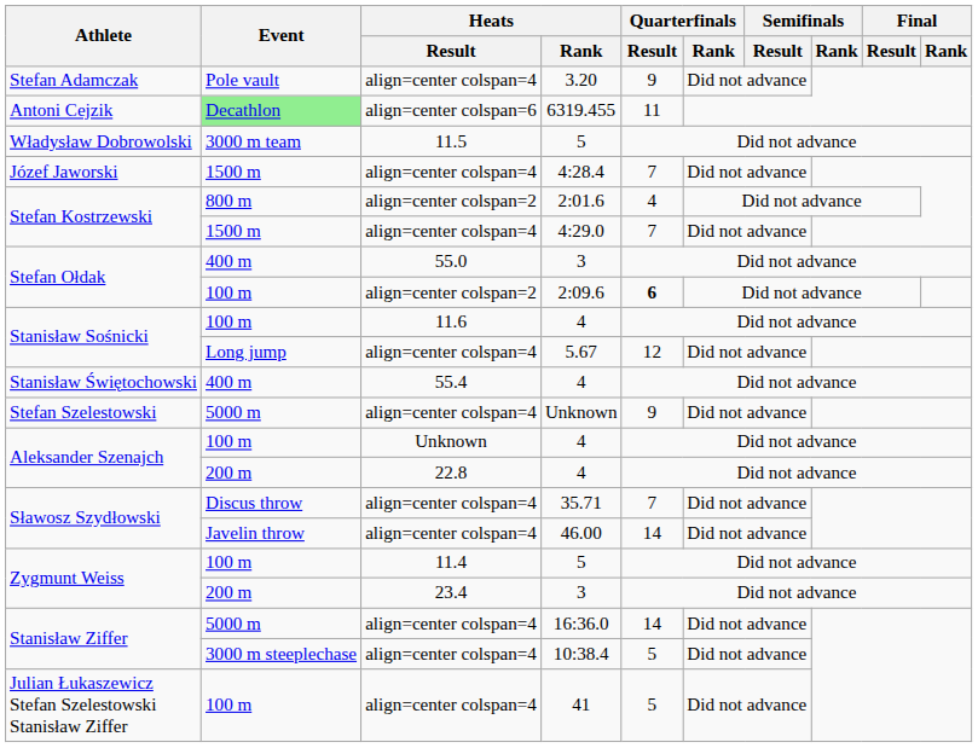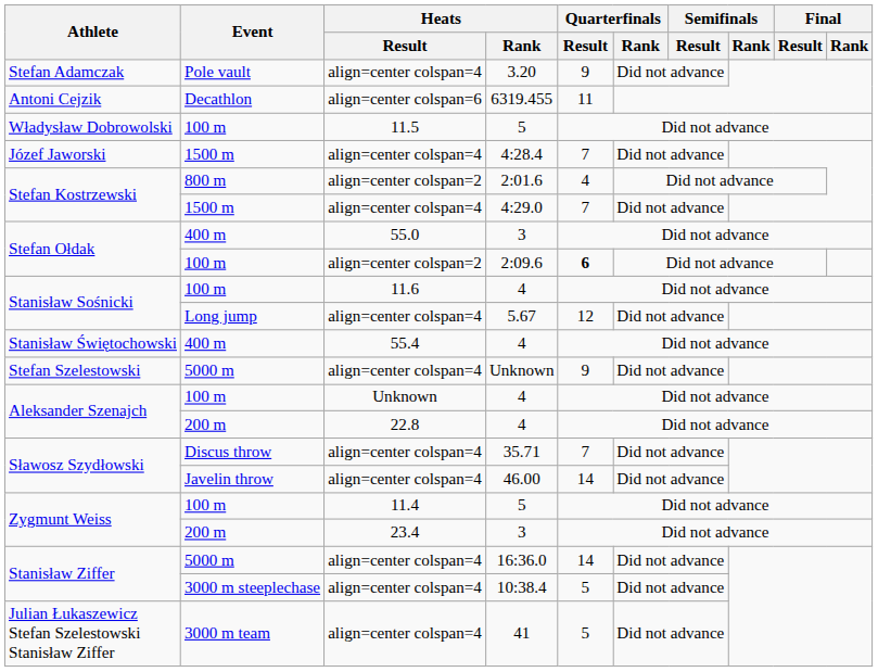 <table class=wikitable style="font-size:90%">
 <tr>
 <th rowspan=2>Athlete</th>
 <th rowspan=2>Event</th>
 <th colspan=2>Heats</th>
 <th colspan=2>Quarterfinals</th>
 <th colspan=2>Semifinals</th>
 <th colspan=2>Final</th>
 </tr>
 <tr>
 <th>Result</th>
 <th>Rank</th>
 <th>Result</th>
 <th>Rank</th>
 <th>Result</th>
 <th>Rank</th>
 <th>Result</th>
 <th>Rank</th>
 </tr>
 <tr>
 <td><a href='#'>Stefan Adamczak</a></td>
 <td><a href='#'>Pole vault</a></td>
 <td>align=center colspan=4 </td>
 <td align=center>3.20</td>
 <td align=center>9</td>
 <td align=center colspan=2>Did not advance</td>
 </tr>
 <tr>
 <td><a href='#'>Antoni Cejzik</a></td>
-<td style="background: lightgreen;"><a href='#'>Decathlon</a></td>
+<td><a href='#'>Decathlon</a></td>
 <td>align=center colspan=6 </td>
 <td align=center>6319.455</td>
 <td align=center>11</td>
 </tr>
 <tr>
 <td><a href='#'>Władysław Dobrowolski</a></td>
-<td><a href='#'>3000 m team</a></td>
+<td><a href='#'>100 m</a></td>
 <td align=center>11.5</td>
 <td align=center>5</td>
 <td align=center colspan=6>Did not advance</td>
 </tr>
 <tr>
 <td><a href='#'>Józef Jaworski</a></td>
 <td><a href='#'>1500 m</a></td>
 <td>align=center colspan=4 </td>
 <td align=center>4:28.4</td>
 <td align=center>7</td>
 <td align=center colspan=2>Did not advance</td>
 </tr>
 <tr>
 <td rowspan=2><a href='#'>Stefan Kostrzewski</a></td>
 <td><a href='#'>800 m</a></td>
 <td>align=center colspan=2 </td>
 <td align=center>2:01.6</td>
 <td align=center>4</td>
 <td align=center colspan=4>Did not advance</td>
 </tr>
 <tr>
 <td><a href='#'>1500 m</a></td>
 <td>align=center colspan=4 </td>
 <td align=center>4:29.0</td>
 <td align=center>7</td>
 <td align=center colspan=2>Did not advance</td>
 </tr>
 <tr>
 <td rowspan=2><a href='#'>Stefan Ołdak</a></td>
 <td><a href='#'>400 m</a></td>
 <td align=center>55.0</td>
 <td align=center>3</td>
 <td align=center colspan=6>Did not advance</td>
 </tr>
 <tr>
 <td><a href='#'>100 m</a></td>
 <td>align=center colspan=2  </td>
 <td align=center>2:09.6</td>
 <td align=center><strong>6</strong></td>
 <td align=center colspan=4>Did not advance</td>
 </tr>
 <tr>
 <td rowspan=2><a href='#'>Stanisław Sośnicki</a></td>
 <td><a href='#'>100 m</a></td>
 <td align=center>11.6</td>
 <td align=center>4</td>
 <td align=center colspan=6>Did not advance</td>
 </tr>
 <tr>
 <td><a href='#'>Long jump</a></td>
 <td>align=center colspan=4  </td>
 <td align=center>5.67</td>
 <td align=center>12</td>
 <td align=center colspan=2>Did not advance</td>
 </tr>
 <tr>
 <td><a href='#'>Stanisław Świętochowski</a></td>
 <td><a href='#'>400 m</a></td>
 <td align=center>55.4</td>
 <td align=center>4</td>
 <td align=center colspan=6>Did not advance</td>
 </tr>
 <tr>
 <td><a href='#'>Stefan Szelestowski</a></td>
 <td><a href='#'>5000 m</a></td>
 <td>align=center colspan=4  </td>
 <td align=center>Unknown</td>
 <td align=center>9</td>
 <td align=center colspan=2>Did not advance</td>
 </tr>
 <tr>
 <td rowspan=2><a href='#'>Aleksander Szenajch</a></td>
 <td><a href='#'>100 m</a></td>
 <td align=center>Unknown</td>
 <td align=center>4</td>
 <td align=center colspan=6>Did not advance</td>
 </tr>
 <tr>
 <td><a href='#'>200 m</a></td>
 <td align=center>22.8</td>
 <td align=center>4</td>
 <td align=center colspan=6>Did not advance</td>
 </tr>
 <tr>
 <td rowspan=2><a href='#'>Sławosz Szydłowski</a></td>
 <td><a href='#'>Discus throw</a></td>
 <td>align=center colspan=4 </td>
 <td align=center>35.71</td>
 <td align=center>7</td>
 <td align=center colspan=2>Did not advance</td>
 </tr>
 <tr>
 <td><a href='#'>Javelin throw</a></td>
 <td>align=center colspan=4 </td>
 <td align=center>46.00</td>
 <td align=center>14</td>
 <td align=center colspan=2>Did not advance</td>
 </tr>
 <tr>
 <td rowspan=2><a href='#'>Zygmunt Weiss</a></td>
 <td><a href='#'>100 m</a></td>
 <td align=center>11.4</td>
 <td align=center>5</td>
 <td align=center colspan=6>Did not advance</td>
 </tr>
 <tr>
 <td><a href='#'>200 m</a></td>
 <td align=center>23.4</td>
 <td align=center>3</td>
 <td align=center colspan=6>Did not advance</td>
 </tr>
 <tr>
 <td rowspan=2><a href='#'>Stanisław Ziffer</a></td>
 <td><a href='#'>5000 m</a></td>
 <td>align=center colspan=4 </td>
 <td align=center>16:36.0</td>
 <td align=center>14</td>
 <td align=center colspan=2>Did not advance</td>
 </tr>
 <tr>
 <td><a href='#'>3000 m steeplechase</a></td>
 <td>align=center colspan=4 </td>
 <td align=center>10:38.4</td>
 <td align=center>5</td>
 <td align=center colspan=2>Did not advance</td>
 </tr>
 <tr>
 <td><a href='#'>Julian Łukaszewicz</a> <br> Stefan Szelestowski <br> Stanisław Ziffer</td>
-<td><a href='#'>100 m</a></td>
+<td><a href='#'>3000 m team</a></td>
 <td>align=center colspan=4 </td>
 <td align=center>41</td>
 <td align=center>5</td>
 <td align=center colspan=2>Did not advance</td>
 </tr>
 </table>
